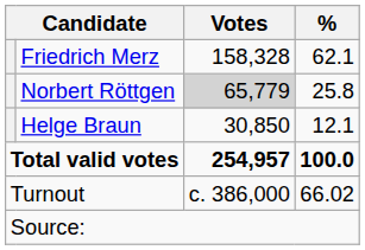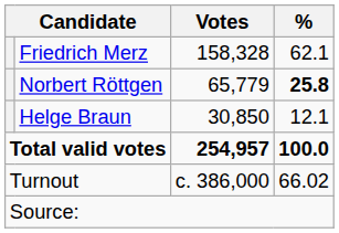 <table class="wikitable" style="font-size:95%">
 <tr bgcolor="#E9E9E9">
 <th colspan="2">Candidate</th>
 <th>Votes</th>
 <th>%</th>
 </tr>
 <tr>
 <th style="background:"></th>
 <td align="left"><a href='#'>Friedrich Merz</a></td>
 <td align="right">158,328</td>
 <td align="right">62.1</td>
 </tr>
 <tr>
 <th style="background:"></th>
 <td align="left"><a href='#'>Norbert Röttgen</a></td>
-<td align="right" style="background: lightgrey;">65,779</td>
-<td align="right">25.8</td>
+<td align="right">65,779</td>
+<td align="right"><strong>25.8</strong></td>
 </tr>
 <tr>
 <th style="background:"></th>
 <td align="left"><a href='#'>Helge Braun</a></td>
 <td align="right">30,850</td>
 <td align="right">12.1</td>
 </tr>
 <tr>
 <td colspan="2" align="left"><strong>Total valid votes</strong></td>
 <td align="right"> <strong>254,957</strong></td>
 <td align="right"><strong>100.0</strong></td>
 </tr>
 <tr>
 <td colspan="2" align="left">Turnout</td>
 <td align="right">c. 386,000</td>
 <td align="right">66.02</td>
 </tr>
 <tr>
 <td colspan="6">Source: </td>
 </tr>
 </table>
